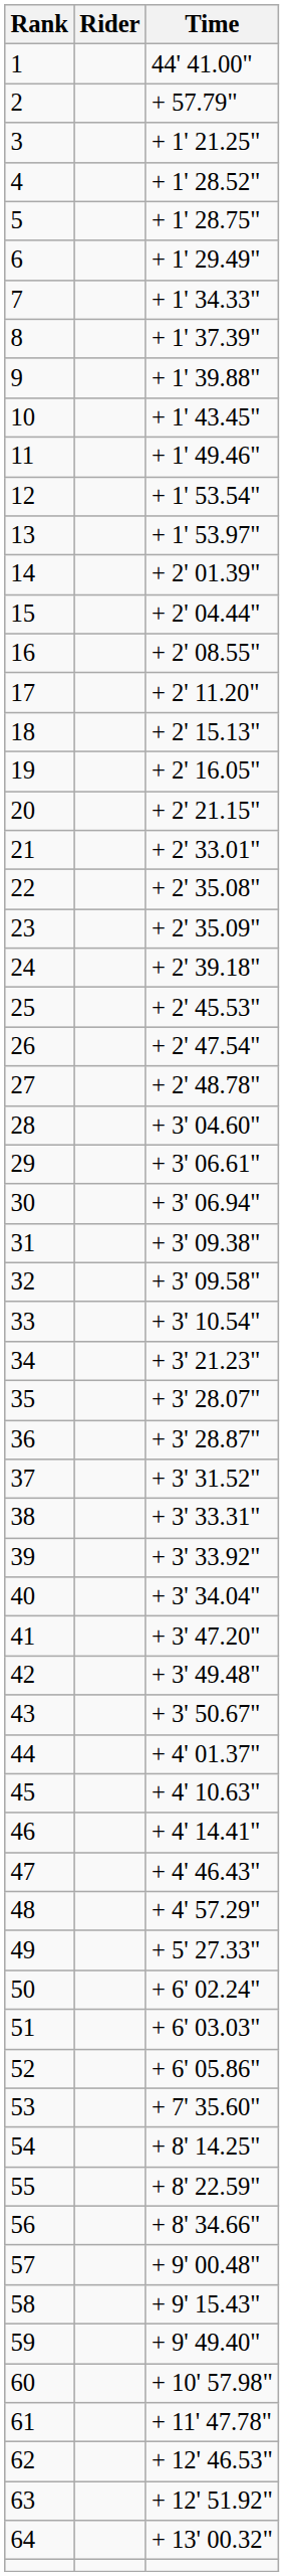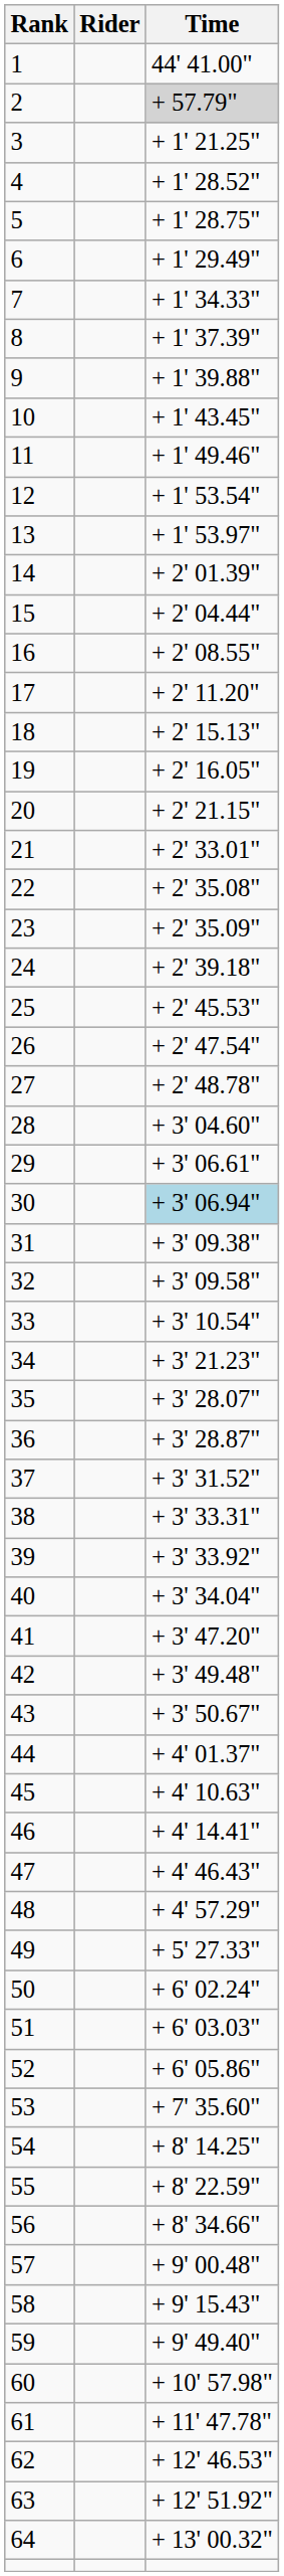 <table class="wikitable">
 <tr>
 <th>Rank</th>
 <th>Rider</th>
 <th>Time</th>
 </tr>
 <tr>
 <td>1</td>
 <td></td>
 <td>44' 41.00"</td>
 </tr>
 <tr>
 <td>2</td>
 <td></td>
-<td>+ 57.79"</td>
+<td style="background: lightgrey;">+ 57.79"</td>
 </tr>
 <tr>
 <td>3</td>
 <td></td>
 <td>+ 1' 21.25"</td>
 </tr>
 <tr>
 <td>4</td>
 <td></td>
 <td>+ 1' 28.52"</td>
 </tr>
 <tr>
 <td>5</td>
 <td></td>
 <td>+ 1' 28.75"</td>
 </tr>
 <tr>
 <td>6</td>
 <td></td>
 <td>+ 1' 29.49"</td>
 </tr>
 <tr>
 <td>7</td>
 <td></td>
 <td>+ 1' 34.33"</td>
 </tr>
 <tr>
 <td>8</td>
 <td></td>
 <td>+ 1' 37.39"</td>
 </tr>
 <tr>
 <td>9</td>
 <td></td>
 <td>+ 1' 39.88"</td>
 </tr>
 <tr>
 <td>10</td>
 <td></td>
 <td>+ 1' 43.45"</td>
 </tr>
 <tr>
 <td>11</td>
 <td></td>
 <td>+ 1' 49.46"</td>
 </tr>
 <tr>
 <td>12</td>
 <td></td>
 <td>+ 1' 53.54"</td>
 </tr>
 <tr>
 <td>13</td>
 <td></td>
 <td>+ 1' 53.97"</td>
 </tr>
 <tr>
 <td>14</td>
 <td></td>
 <td>+ 2' 01.39"</td>
 </tr>
 <tr>
 <td>15</td>
 <td></td>
 <td>+ 2' 04.44"</td>
 </tr>
 <tr>
 <td>16</td>
 <td></td>
 <td>+ 2' 08.55"</td>
 </tr>
 <tr>
 <td>17</td>
 <td></td>
 <td>+ 2' 11.20"</td>
 </tr>
 <tr>
 <td>18</td>
 <td></td>
 <td>+ 2' 15.13"</td>
 </tr>
 <tr>
 <td>19</td>
 <td></td>
 <td>+ 2' 16.05"</td>
 </tr>
 <tr>
 <td>20</td>
 <td></td>
 <td>+ 2' 21.15"</td>
 </tr>
 <tr>
 <td>21</td>
 <td></td>
 <td>+ 2' 33.01"</td>
 </tr>
 <tr>
 <td>22</td>
 <td></td>
 <td>+ 2' 35.08"</td>
 </tr>
 <tr>
 <td>23</td>
 <td></td>
 <td>+ 2' 35.09"</td>
 </tr>
 <tr>
 <td>24</td>
 <td></td>
 <td>+ 2' 39.18"</td>
 </tr>
 <tr>
 <td>25</td>
 <td></td>
 <td>+ 2' 45.53"</td>
 </tr>
 <tr>
 <td>26</td>
 <td></td>
 <td>+ 2' 47.54"</td>
 </tr>
 <tr>
 <td>27</td>
 <td></td>
 <td>+ 2' 48.78"</td>
 </tr>
 <tr>
 <td>28</td>
 <td></td>
 <td>+ 3' 04.60"</td>
 </tr>
 <tr>
 <td>29</td>
 <td></td>
 <td>+ 3' 06.61"</td>
 </tr>
 <tr>
 <td>30</td>
 <td></td>
-<td>+ 3' 06.94"</td>
+<td style="background: lightblue;">+ 3' 06.94"</td>
 </tr>
 <tr>
 <td>31</td>
 <td></td>
 <td>+ 3' 09.38"</td>
 </tr>
 <tr>
 <td>32</td>
 <td></td>
 <td>+ 3' 09.58"</td>
 </tr>
 <tr>
 <td>33</td>
 <td></td>
 <td>+ 3' 10.54"</td>
 </tr>
 <tr>
 <td>34</td>
 <td></td>
 <td>+ 3' 21.23"</td>
 </tr>
 <tr>
 <td>35</td>
 <td></td>
 <td>+ 3' 28.07"</td>
 </tr>
 <tr>
 <td>36</td>
 <td></td>
 <td>+ 3' 28.87"</td>
 </tr>
 <tr>
 <td>37</td>
 <td></td>
 <td>+ 3' 31.52"</td>
 </tr>
 <tr>
 <td>38</td>
 <td></td>
 <td>+ 3' 33.31"</td>
 </tr>
 <tr>
 <td>39</td>
 <td></td>
 <td>+ 3' 33.92"</td>
 </tr>
 <tr>
 <td>40</td>
 <td></td>
 <td>+ 3' 34.04"</td>
 </tr>
 <tr>
 <td>41</td>
 <td></td>
 <td>+ 3' 47.20"</td>
 </tr>
 <tr>
 <td>42</td>
 <td></td>
 <td>+ 3' 49.48"</td>
 </tr>
 <tr>
 <td>43</td>
 <td></td>
 <td>+ 3' 50.67"</td>
 </tr>
 <tr>
 <td>44</td>
 <td></td>
 <td>+ 4' 01.37"</td>
 </tr>
 <tr>
 <td>45</td>
 <td></td>
 <td>+ 4' 10.63"</td>
 </tr>
 <tr>
 <td>46</td>
 <td></td>
 <td>+ 4' 14.41"</td>
 </tr>
 <tr>
 <td>47</td>
 <td></td>
 <td>+ 4' 46.43"</td>
 </tr>
 <tr>
 <td>48</td>
 <td></td>
 <td>+ 4' 57.29"</td>
 </tr>
 <tr>
 <td>49</td>
 <td></td>
 <td>+ 5' 27.33"</td>
 </tr>
 <tr>
 <td>50</td>
 <td></td>
 <td>+ 6' 02.24"</td>
 </tr>
 <tr>
 <td>51</td>
 <td></td>
 <td>+ 6' 03.03"</td>
 </tr>
 <tr>
 <td>52</td>
 <td></td>
 <td>+ 6' 05.86"</td>
 </tr>
 <tr>
 <td>53</td>
 <td></td>
 <td>+ 7' 35.60"</td>
 </tr>
 <tr>
 <td>54</td>
 <td></td>
 <td>+ 8' 14.25"</td>
 </tr>
 <tr>
 <td>55</td>
 <td></td>
 <td>+ 8' 22.59"</td>
 </tr>
 <tr>
 <td>56</td>
 <td></td>
 <td>+ 8' 34.66"</td>
 </tr>
 <tr>
 <td>57</td>
 <td></td>
 <td>+ 9' 00.48"</td>
 </tr>
 <tr>
 <td>58</td>
 <td></td>
 <td>+ 9' 15.43"</td>
 </tr>
 <tr>
 <td>59</td>
 <td></td>
 <td>+ 9' 49.40"</td>
 </tr>
 <tr>
 <td>60</td>
 <td></td>
 <td>+ 10' 57.98"</td>
 </tr>
 <tr>
 <td>61</td>
 <td></td>
 <td>+ 11' 47.78"</td>
 </tr>
 <tr>
 <td>62</td>
 <td></td>
 <td>+ 12' 46.53"</td>
 </tr>
 <tr>
 <td>63</td>
 <td></td>
 <td>+ 12' 51.92"</td>
 </tr>
 <tr>
 <td>64</td>
 <td></td>
 <td>+ 13' 00.32"</td>
 </tr>
 <tr>
 <td></td>
 <td></td>
 <td></td>
 </tr>
 </table>
